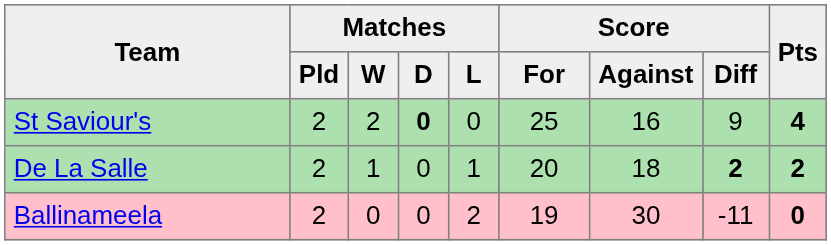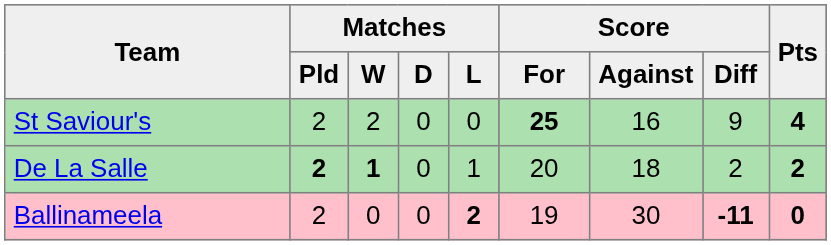 <table style=border-collapse:collapse border=1 cellspacing=0 cellpadding=5>
 <tr align=center bgcolor=#efefef>
 <th rowspan=2 width=165>Team</th>
 <th colspan=4>Matches</th>
 <th colspan=3>Score</th>
 <th rowspan=2width=20>Pts</th>
 </tr>
 <tr align=center bgcolor=#efefef>
 <th width=20>Pld</th>
 <th width=20>W</th>
 <th width=20>D</th>
 <th width=20>L</th>
 <th width=45>For</th>
 <th width=45>Against</th>
 <th width=30>Diff</th>
 </tr>
 <tr align=center style="background:#ACE1AF;">
 <td style="text-align:left;"><a href='#'>St Saviour's</a></td>
 <td>2</td>
 <td>2</td>
-<td><strong>0</strong></td>
 <td>0</td>
-<td>25</td>
+<td>0</td>
+<td><strong>25</strong></td>
 <td>16</td>
 <td>9</td>
 <td><strong>4</strong></td>
 </tr>
 <tr align=center style="background:#ACE1AF;">
 <td style="text-align:left;"><a href='#'>De La Salle</a></td>
-<td>2</td>
-<td>1</td>
+<td><strong>2</strong></td>
+<td><strong>1</strong></td>
 <td>0</td>
 <td>1</td>
 <td>20</td>
 <td>18</td>
-<td><strong>2</strong></td>
+<td>2</td>
 <td><strong>2</strong></td>
 </tr>
 <tr align=center style="background:#FFC0CB;">
 <td style="text-align:left;"><a href='#'>Ballinameela</a></td>
 <td>2</td>
 <td>0</td>
 <td>0</td>
-<td>2</td>
+<td><strong>2</strong></td>
 <td>19</td>
 <td>30</td>
-<td>-11</td>
+<td><strong>-11</strong></td>
 <td><strong>0</strong></td>
 </tr>
 </table>
